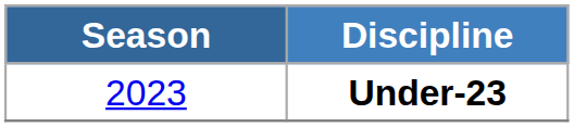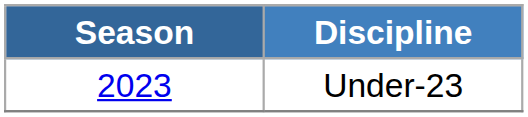 <table class="wikitable" style="font-size:95%; text-align:center; border:grey solid 1px; border-collapse:collapse; background:#ffffff;">
 <tr style="background-color:#369; color:white;">
 <td rowspan="2" colspan="1" style="width:110px"><strong>Season</strong></td>
 </tr>
 <tr style="background-color:#4180be; color:white;">
 <td style="width:110px"><strong>Discipline</strong></td>
 </tr>
 <tr>
 <td align=center><a href='#'>2023</a></td>
-<td align=center><strong>Under-23</strong></td>
+<td align=center>Under-23</td>
 </tr>
 <tr>
 </tr>
 </table>
